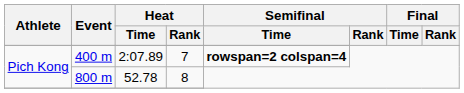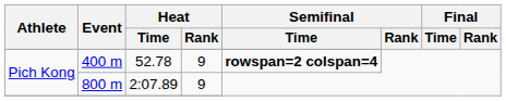 <table class=wikitable style=font-size:90%;text-align:center>
 <tr>
 <th rowspan=2>Athlete</th>
 <th rowspan=2>Event</th>
 <th colspan=2>Heat</th>
 <th colspan=2>Semifinal</th>
 <th colspan=2>Final</th>
 </tr>
 <tr style=font-size:95%>
 <th>Time</th>
 <th>Rank</th>
 <th>Time</th>
 <th>Rank</th>
 <th>Time</th>
 <th>Rank</th>
 </tr>
 <tr>
 </tr>
 <tr align=center>
 <td rowspan=2 align=left><a href='#'>Pich Kong</a></td>
 <td align=left><a href='#'>400 m</a></td>
-<td>2:07.89</td>
-<td>7</td>
+<td>52.78</td>
+<td>9</td>
 <td><strong>rowspan=2 colspan=4 </strong></td>
 </tr>
 <tr>
 <td align=left><a href='#'>800 m</a></td>
-<td>52.78</td>
-<td>8</td>
+<td>2:07.89</td>
+<td>9</td>
 </tr>
 <tr>
 </tr>
 </table>
